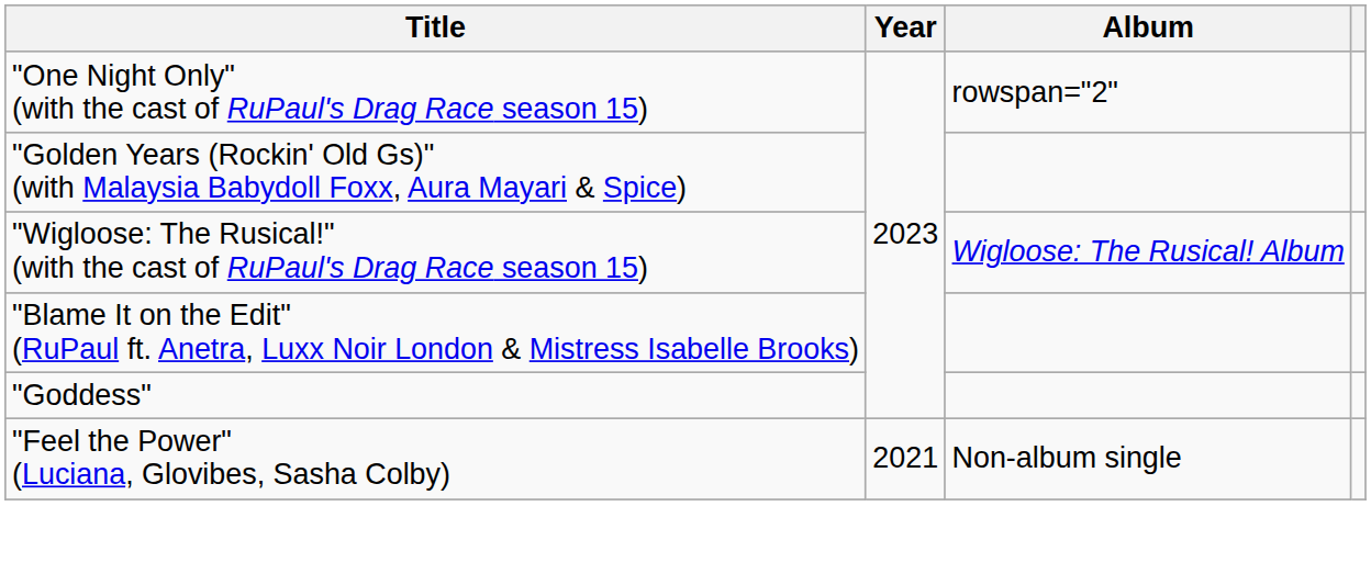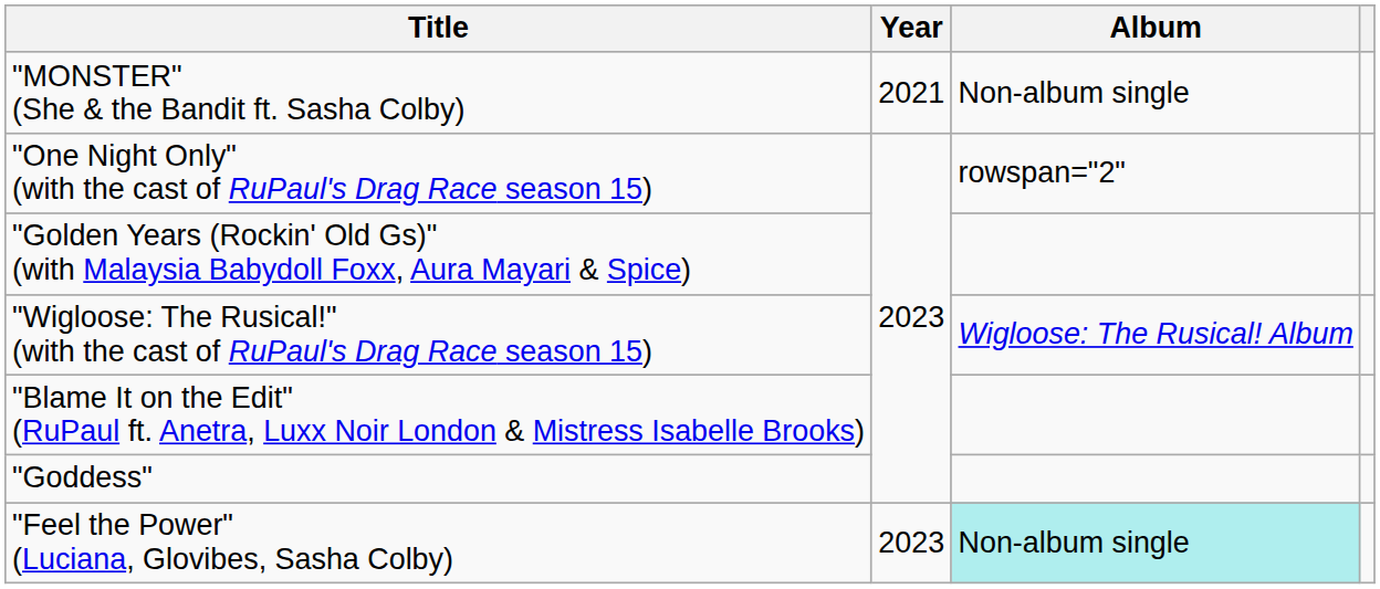 <table class="wikitable plainrowheaders sortable">
 <tr>
 <th>Title</th>
 <th>Year</th>
 <th>Album</th>
 <th style="text-align: center;" class="unsortable"></th>
+</tr>
+<tr>
+<td>"MONSTER"<br>(She & the Bandit ft. Sasha Colby)</td>
+<td>2021</td>
+<td>Non-album single</td>
+<td></td>
 </tr>
 <tr>
 <td>"One Night Only"<br>(with the cast of <a href='#'><em>RuPaul's Drag Race</em> season 15</a>)</td>
 <td rowspan="5">2023</td>
 <td>rowspan="2" </td>
 <td style="text-align: center;"><br></td>
 </tr>
 <tr>
 <td scope="row">"Golden Years (Rockin' Old Gs)"<br>(with <a href='#'>Malaysia Babydoll Foxx</a>, <a href='#'>Aura Mayari</a> & <a href='#'>Spice</a>)</td>
 <td style="text-align: center;"></td>
 </tr>
 <tr>
 <td scope="row">"Wigloose: The Rusical!"<br>(with the cast of <a href='#'><em>RuPaul's Drag Race</em> season 15</a>)</td>
 <td><a href='#'><em>Wigloose: The Rusical! Album</em></a></td>
 <td style="text-align: center;"></td>
 </tr>
 <tr>
 <td>"Blame It on the Edit"<br>(<a href='#'>RuPaul</a> ft. <a href='#'>Anetra</a>, <a href='#'>Luxx Noir London</a> & <a href='#'>Mistress Isabelle Brooks</a>)</td>
 <td></td>
 <td style="text-align: center;"></td>
 </tr>
 <tr>
 <td>"Goddess"<br></td>
 <td></td>
 <td style="text-align: center;"><br></td>
 </tr>
 <tr>
 <td>"Feel the Power"<br>(<a href='#'>Luciana</a>, Glovibes, Sasha Colby)</td>
-<td>2021</td>
-<td>Non-album single</td>
+<td>2023</td>
+<td style="background: paleturquoise;">Non-album single</td>
 <td></td>
 </tr>
 </table>
